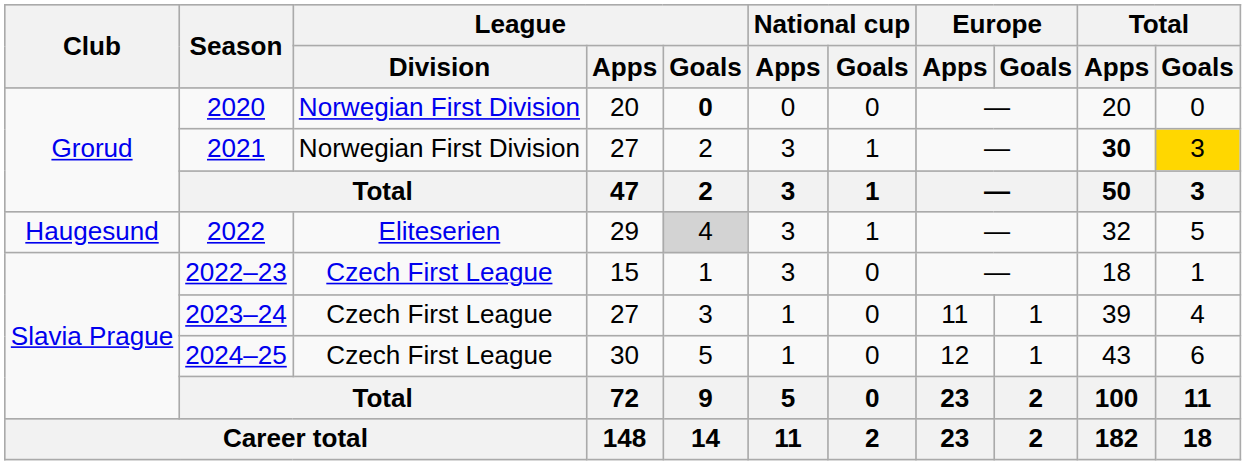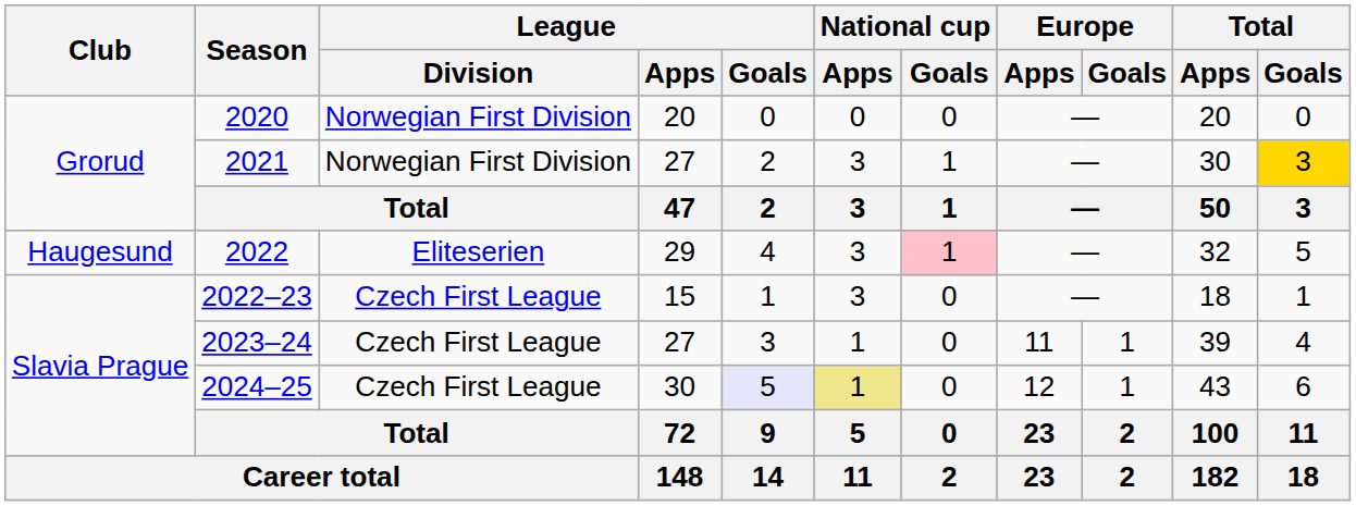 <table class="wikitable" style="text-align:center">
 <tr>
 <th rowspan="2">Club</th>
 <th rowspan="2">Season</th>
 <th colspan="3">League</th>
 <th colspan="2">National cup</th>
 <th colspan="2">Europe</th>
 <th colspan="2">Total</th>
 </tr>
 <tr>
 <th>Division</th>
 <th>Apps</th>
 <th>Goals</th>
 <th>Apps</th>
 <th>Goals</th>
 <th>Apps</th>
 <th>Goals</th>
 <th>Apps</th>
 <th>Goals</th>
 </tr>
 <tr>
 <td rowspan="3"><a href='#'>Grorud</a></td>
 <td><a href='#'>2020</a></td>
 <td><a href='#'>Norwegian First Division</a></td>
 <td>20</td>
-<td><strong>0</strong></td>
+<td>0</td>
 <td>0</td>
 <td>0</td>
 <td colspan="2">—</td>
 <td>20</td>
 <td>0</td>
 </tr>
 <tr>
 <td><a href='#'>2021</a></td>
 <td>Norwegian First Division</td>
 <td>27</td>
 <td>2</td>
 <td>3</td>
 <td>1</td>
 <td colspan="2">—</td>
-<td><strong>30</strong></td>
+<td>30</td>
 <td style="background: gold;">3</td>
 </tr>
 <tr>
 <th colspan="2">Total</th>
 <th>47</th>
 <th>2</th>
 <th>3</th>
 <th>1</th>
 <th colspan="2">—</th>
 <th>50</th>
 <th>3</th>
 </tr>
 <tr>
 <td><a href='#'>Haugesund</a></td>
 <td><a href='#'>2022</a></td>
 <td><a href='#'>Eliteserien</a></td>
 <td>29</td>
-<td style="background: lightgrey;">4</td>
+<td>4</td>
 <td>3</td>
-<td>1</td>
+<td style="background: pink;">1</td>
 <td colspan="2">—</td>
 <td>32</td>
 <td>5</td>
 </tr>
 <tr>
 <td rowspan="4"><a href='#'>Slavia Prague</a></td>
 <td><a href='#'>2022–23</a></td>
 <td><a href='#'>Czech First League</a></td>
 <td>15</td>
 <td>1</td>
 <td>3</td>
 <td>0</td>
 <td colspan="2">—</td>
 <td>18</td>
 <td>1</td>
 </tr>
 <tr>
 <td><a href='#'>2023–24</a></td>
 <td>Czech First League</td>
 <td>27</td>
 <td>3</td>
 <td>1</td>
 <td>0</td>
 <td>11</td>
 <td>1</td>
 <td>39</td>
 <td>4</td>
 </tr>
 <tr>
 <td><a href='#'>2024–25</a></td>
 <td>Czech First League</td>
 <td>30</td>
-<td>5</td>
-<td>1</td>
+<td style="background: lavender;">5</td>
+<td style="background: khaki;">1</td>
 <td>0</td>
 <td>12</td>
 <td>1</td>
 <td>43</td>
 <td>6</td>
 </tr>
 <tr>
 <th colspan="2">Total</th>
 <th>72</th>
 <th>9</th>
 <th>5</th>
 <th>0</th>
 <th>23</th>
 <th>2</th>
 <th>100</th>
 <th>11</th>
 </tr>
 <tr>
 <th colspan="3">Career total</th>
 <th>148</th>
 <th>14</th>
 <th>11</th>
 <th>2</th>
 <th>23</th>
 <th>2</th>
 <th>182</th>
 <th>18</th>
 </tr>
 </table>
